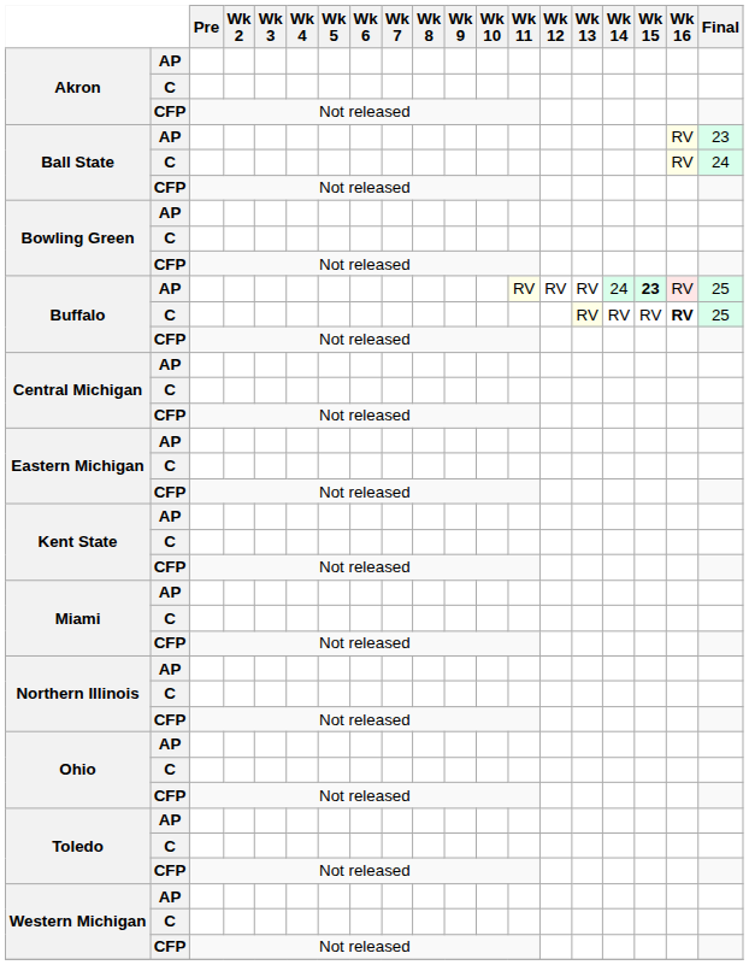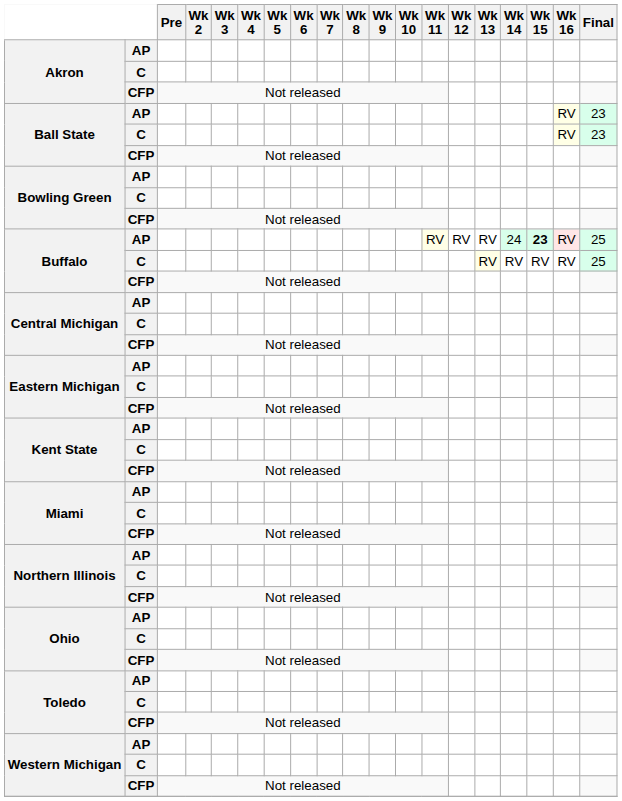 <table class="wikitable" style="white-space:nowrap;font-size:85%;">
 <tr>
 <th colspan=2 style="background:white; border-top-style:hidden; border-left-style:hidden;"> </th>
 <th>Pre</th>
 <th>Wk<br>2</th>
 <th>Wk<br>3</th>
 <th>Wk<br>4</th>
 <th>Wk<br>5</th>
 <th>Wk<br>6</th>
 <th>Wk<br>7</th>
 <th>Wk<br>8</th>
 <th>Wk<br>9</th>
 <th>Wk<br>10</th>
 <th>Wk<br>11</th>
 <th>Wk<br>12</th>
 <th>Wk<br>13</th>
 <th>Wk<br>14</th>
 <th>Wk<br>15</th>
 <th>Wk<br>16</th>
 <th>Final</th>
 </tr>
 <tr style="text-align:center;">
 <th rowspan="3">Akron</th>
 <th>AP</th>
 <td style="background:#FFF;"></td>
 <td style="background:#FFF;"></td>
 <td style="background:#FFF;"></td>
 <td style="background:#FFF;"></td>
 <td style="background:#FFF;"></td>
 <td style="background:#FFF;"></td>
 <td style="background:#FFF;"></td>
 <td style="background:#FFF;"></td>
 <td style="background:#FFF;"></td>
 <td style="background:#FFF;"></td>
 <td style="background:#FFF;"></td>
 <td style="background:#FFF;"></td>
 <td style="background:#FFF;"></td>
 <td style="background:#FFF;"></td>
 <td style="background:#FFF;"></td>
 <td style="background:#FFF;"></td>
 <td style="background:#FFF;"></td>
 </tr>
 <tr style="text-align:center;">
 <th>C</th>
 <td style="background:#FFF;"></td>
 <td style="background:#FFF;"></td>
 <td style="background:#FFF;"></td>
 <td style="background:#FFF;"></td>
 <td style="background:#FFF;"></td>
 <td style="background:#FFF;"></td>
 <td style="background:#FFF;"></td>
 <td style="background:#FFF;"></td>
 <td style="background:#FFF;"></td>
 <td style="background:#FFF;"></td>
 <td style="background:#FFF;"></td>
 <td style="background:#FFF;"></td>
 <td style="background:#FFF;"></td>
 <td style="background:#FFF;"></td>
 <td style="background:#FFF;"></td>
 <td style="background:#FFF;"></td>
 <td style="background:#FFF;"></td>
 </tr>
 <tr style="text-align:center;">
 <th>CFP</th>
 <td colspan="11" style="text-align:center;">Not released</td>
 <td style="background:#FFF;"></td>
 <td style="background:#FFF;"></td>
 <td style="background:#FFF;"></td>
 <td style="background:#FFF;"></td>
 <td style="background:#FFF;"></td>
 <td style="text-align:center;"></td>
 </tr>
 <tr style="text-align:center;">
 <th rowspan="3" style=>Ball State</th>
 <th>AP</th>
 <td style="background:#FFF;"></td>
 <td style="background:#FFF;"></td>
 <td style="background:#FFF;"></td>
 <td style="background:#FFF;"></td>
 <td style="background:#FFF;"></td>
 <td style="background:#FFF;"></td>
 <td style="background:#FFF;"></td>
 <td style="background:#FFF;"></td>
 <td style="background:#FFF;"></td>
 <td style="background:#FFF;"></td>
 <td style="background:#FFF;"></td>
 <td style="background:#FFF;"></td>
 <td style="background:#FFF;"></td>
 <td style="background:#FFF;"></td>
 <td style="background:#FFF;"></td>
 <td style="background:#ffffe6;">RV</td>
 <td style="background:#d8ffeb;">23</td>
 </tr>
 <tr style="text-align:center;">
 <th>C</th>
 <td style="background:#FFF;"></td>
 <td style="background:#FFF;"></td>
 <td style="background:#FFF;"></td>
 <td style="background:#FFF;"></td>
 <td style="background:#FFF;"></td>
 <td style="background:#FFF;"></td>
 <td style="background:#FFF;"></td>
 <td style="background:#FFF;"></td>
 <td style="background:#FFF;"></td>
 <td style="background:#FFF;"></td>
 <td style="background:#FFF;"></td>
 <td style="background:#FFF;"></td>
 <td style="background:#FFF;"></td>
 <td style="background:#FFF;"></td>
 <td style="background:#FFF;"></td>
 <td style="background:#ffffe6;">RV</td>
-<td style="background:#d8ffeb;">24</td>
+<td style="background:#d8ffeb;">23</td>
 </tr>
 <tr style="text-align:center;">
 <th>CFP</th>
 <td colspan="11" style="text-align:center;">Not released</td>
 <td style="background:#FFF;"></td>
 <td style="background:#FFF;"></td>
 <td style="background:#FFF;"></td>
 <td style="background:#FFF;"></td>
 <td style="background:#FFF;"></td>
 <td style="text-align:center;"></td>
 </tr>
 <tr style="text-align:center;">
 <th rowspan="3" style=>Bowling Green</th>
 <th>AP</th>
 <td style="background:#FFF;"></td>
 <td style="background:#FFF;"></td>
 <td style="background:#FFF;"></td>
 <td style="background:#FFF;"></td>
 <td style="background:#FFF;"></td>
 <td style="background:#FFF;"></td>
 <td style="background:#FFF;"></td>
 <td style="background:#FFF;"></td>
 <td style="background:#FFF;"></td>
 <td style="background:#FFF;"></td>
 <td style="background:#FFF;"></td>
 <td style="background:#FFF;"></td>
 <td style="background:#FFF;"></td>
 <td style="background:#FFF;"></td>
 <td style="background:#FFF;"></td>
 <td style="background:#FFF;"></td>
 <td style="background:#FFF;"></td>
 </tr>
 <tr style="text-align:center;">
 <th>C</th>
 <td style="background:#FFF;"></td>
 <td style="background:#FFF;"></td>
 <td style="background:#FFF;"></td>
 <td style="background:#FFF;"></td>
 <td style="background:#FFF;"></td>
 <td style="background:#FFF;"></td>
 <td style="background:#FFF;"></td>
 <td style="background:#FFF;"></td>
 <td style="background:#FFF;"></td>
 <td style="background:#FFF;"></td>
 <td style="background:#FFF;"></td>
 <td style="background:#FFF;"></td>
 <td style="background:#FFF;"></td>
 <td style="background:#FFF;"></td>
 <td style="background:#FFF;"></td>
 <td style="background:#FFF;"></td>
 <td style="background:#FFF;"></td>
 </tr>
 <tr style="text-align:center;">
 <th>CFP</th>
 <td colspan="11" style="text-align:center;">Not released</td>
 <td style="background:#FFF;"></td>
 <td style="background:#FFF;"></td>
 <td style="background:#FFF;"></td>
 <td style="background:#FFF;"></td>
 <td style="background:#FFF;"></td>
 <td style="text-align:center;"></td>
 </tr>
 <tr style="text-align:center;">
 <th rowspan="3" style=>Buffalo</th>
 <th>AP</th>
 <td style="background:#FFF;"></td>
 <td style="background:#FFF;"></td>
 <td style="background:#FFF;"></td>
 <td style="background:#FFF;"></td>
 <td style="background:#FFF;"></td>
 <td style="background:#FFF;"></td>
 <td style="background:#FFF;"></td>
 <td style="background:#FFF;"></td>
 <td style="background:#FFF;"></td>
 <td style="background:#FFF;"></td>
 <td style="background:#ffffe6;">RV</td>
 <td style="background:#FFF;">RV</td>
 <td style="background:#FFF;">RV</td>
 <td style="background:#d8ffeb;">24</td>
 <td style="background:#d8ffeb;"><strong>23</strong></td>
 <td style="background:#ffe6e6;">RV</td>
 <td style="background:#d8ffeb;">25</td>
 </tr>
 <tr style="text-align:center;">
 <th>C</th>
 <td style="background:#FFF;"></td>
 <td style="background:#FFF;"></td>
 <td style="background:#FFF;"></td>
 <td style="background:#FFF;"></td>
 <td style="background:#FFF;"></td>
 <td style="background:#FFF;"></td>
 <td style="background:#FFF;"></td>
 <td style="background:#FFF;"></td>
 <td style="background:#FFF;"></td>
 <td style="background:#FFF;"></td>
 <td style="background:#FFF;"></td>
 <td style="background:#FFF;"></td>
 <td style="background:#ffffe6;">RV</td>
 <td style="background:#FFF;">RV</td>
 <td style="background:#FFF;">RV</td>
-<td style="background:#FFF;"><strong>RV</strong></td>
+<td style="background:#FFF;">RV</td>
 <td style="background:#d8ffeb;">25</td>
 </tr>
 <tr style="text-align:center;">
 <th>CFP</th>
 <td colspan="11" style="text-align:center;">Not released</td>
 <td style="background:#FFF;"></td>
 <td style="background:#FFF;"></td>
 <td style="background:#FFF;"></td>
 <td style="background:#FFF;"></td>
 <td style="background:#FFF;"></td>
 <td style="text-align:center;"></td>
 </tr>
 <tr style="text-align:center;">
 <th rowspan="3" style=>Central Michigan</th>
 <th>AP</th>
 <td style="background:#FFF;"></td>
 <td style="background:#FFF;"></td>
 <td style="background:#FFF;"></td>
 <td style="background:#FFF;"></td>
 <td style="background:#FFF;"></td>
 <td style="background:#FFF;"></td>
 <td style="background:#FFF;"></td>
 <td style="background:#FFF;"></td>
 <td style="background:#FFF;"></td>
 <td style="background:#FFF;"></td>
 <td style="background:#FFF;"></td>
 <td style="background:#FFF;"></td>
 <td style="background:#FFF;"></td>
 <td style="background:#FFF;"></td>
 <td style="background:#FFF;"></td>
 <td style="background:#FFF;"></td>
 <td style="background:#FFF;"></td>
 </tr>
 <tr style="text-align:center;">
 <th>C</th>
 <td style="background:#FFF;"></td>
 <td style="background:#FFF;"></td>
 <td style="background:#FFF;"></td>
 <td style="background:#FFF;"></td>
 <td style="background:#FFF;"></td>
 <td style="background:#FFF;"></td>
 <td style="background:#FFF;"></td>
 <td style="background:#FFF;"></td>
 <td style="background:#FFF;"></td>
 <td style="background:#FFF;"></td>
 <td style="background:#FFF;"></td>
 <td style="background:#FFF;"></td>
 <td style="background:#FFF;"></td>
 <td style="background:#FFF;"></td>
 <td style="background:#FFF;"></td>
 <td style="background:#FFF;"></td>
 <td style="background:#FFF;"></td>
 </tr>
 <tr style="text-align:center;">
 <th>CFP</th>
 <td colspan="11" style="text-align:center;">Not released</td>
 <td style="background:#FFF;"></td>
 <td style="background:#FFF;"></td>
 <td style="background:#FFF;"></td>
 <td style="background:#FFF;"></td>
 <td style="background:#FFF;"></td>
 <td style="text-align:center;"></td>
 </tr>
 <tr style="text-align:center;">
 <th rowspan="3" style=>Eastern Michigan</th>
 <th>AP</th>
 <td style="background:#FFF;"></td>
 <td style="background:#FFF;"></td>
 <td style="background:#FFF;"></td>
 <td style="background:#FFF;"></td>
 <td style="background:#FFF;"></td>
 <td style="background:#FFF;"></td>
 <td style="background:#FFF;"></td>
 <td style="background:#FFF;"></td>
 <td style="background:#FFF;"></td>
 <td style="background:#FFF;"></td>
 <td style="background:#FFF;"></td>
 <td style="background:#FFF;"></td>
 <td style="background:#FFF;"></td>
 <td style="background:#FFF;"></td>
 <td style="background:#FFF;"></td>
 <td style="background:#FFF;"></td>
 <td style="background:#FFF;"></td>
 </tr>
 <tr style="text-align:center;">
 <th>C</th>
 <td style="background:#FFF;"></td>
 <td style="background:#FFF;"></td>
 <td style="background:#FFF;"></td>
 <td style="background:#FFF;"></td>
 <td style="background:#FFF;"></td>
 <td style="background:#FFF;"></td>
 <td style="background:#FFF;"></td>
 <td style="background:#FFF;"></td>
 <td style="background:#FFF;"></td>
 <td style="background:#FFF;"></td>
 <td style="background:#FFF;"></td>
 <td style="background:#FFF;"></td>
 <td style="background:#FFF;"></td>
 <td style="background:#FFF;"></td>
 <td style="background:#FFF;"></td>
 <td style="background:#FFF;"></td>
 <td style="background:#FFF;"></td>
 </tr>
 <tr style="text-align:center;">
 <th>CFP</th>
 <td colspan="11" style="text-align:center;">Not released</td>
 <td style="background:#FFF;"></td>
 <td style="background:#FFF;"></td>
 <td style="background:#FFF;"></td>
 <td style="background:#FFF;"></td>
 <td style="background:#FFF;"></td>
 <td style="text-align:center;"></td>
 </tr>
 <tr style="text-align:center;">
 <th rowspan="3" style=>Kent State</th>
 <th>AP</th>
 <td style="background:#FFF;"></td>
 <td style="background:#FFF;"></td>
 <td style="background:#FFF;"></td>
 <td style="background:#FFF;"></td>
 <td style="background:#FFF;"></td>
 <td style="background:#FFF;"></td>
 <td style="background:#FFF;"></td>
 <td style="background:#FFF;"></td>
 <td style="background:#FFF;"></td>
 <td style="background:#FFF;"></td>
 <td style="background:#FFF;"></td>
 <td style="background:#FFF;"></td>
 <td style="background:#FFF;"></td>
 <td style="background:#FFF;"></td>
 <td style="background:#FFF;"></td>
 <td style="background:#FFF;"></td>
 <td style="background:#FFF;"></td>
 </tr>
 <tr style="text-align:center;">
 <th>C</th>
 <td style="background:#FFF;"></td>
 <td style="background:#FFF;"></td>
 <td style="background:#FFF;"></td>
 <td style="background:#FFF;"></td>
 <td style="background:#FFF;"></td>
 <td style="background:#FFF;"></td>
 <td style="background:#FFF;"></td>
 <td style="background:#FFF;"></td>
 <td style="background:#FFF;"></td>
 <td style="background:#FFF;"></td>
 <td style="background:#FFF;"></td>
 <td style="background:#FFF;"></td>
 <td style="background:#FFF;"></td>
 <td style="background:#FFF;"></td>
 <td style="background:#FFF;"></td>
 <td style="background:#FFF;"></td>
 <td style="background:#FFF;"></td>
 </tr>
 <tr style="text-align:center;">
 <th>CFP</th>
 <td colspan="11" style="text-align:center;">Not released</td>
 <td style="background:#FFF;"></td>
 <td style="background:#FFF;"></td>
 <td style="background:#FFF;"></td>
 <td style="background:#FFF;"></td>
 <td style="background:#FFF;"></td>
 <td style="text-align:center;"></td>
 </tr>
 <tr style="text-align:center;">
 <th rowspan="3" style=>Miami</th>
 <th>AP</th>
 <td style="background:#FFF;"></td>
 <td style="background:#FFF;"></td>
 <td style="background:#FFF;"></td>
 <td style="background:#FFF;"></td>
 <td style="background:#FFF;"></td>
 <td style="background:#FFF;"></td>
 <td style="background:#FFF;"></td>
 <td style="background:#FFF;"></td>
 <td style="background:#FFF;"></td>
 <td style="background:#FFF;"></td>
 <td style="background:#FFF;"></td>
 <td style="background:#FFF;"></td>
 <td style="background:#FFF;"></td>
 <td style="background:#FFF;"></td>
 <td style="background:#FFF;"></td>
 <td style="background:#FFF;"></td>
 <td style="background:#FFF;"></td>
 </tr>
 <tr style="text-align:center;">
 <th>C</th>
 <td style="background:#FFF;"></td>
 <td style="background:#FFF;"></td>
 <td style="background:#FFF;"></td>
 <td style="background:#FFF;"></td>
 <td style="background:#FFF;"></td>
 <td style="background:#FFF;"></td>
 <td style="background:#FFF;"></td>
 <td style="background:#FFF;"></td>
 <td style="background:#FFF;"></td>
 <td style="background:#FFF;"></td>
 <td style="background:#FFF;"></td>
 <td style="background:#FFF;"></td>
 <td style="background:#FFF;"></td>
 <td style="background:#FFF;"></td>
 <td style="background:#FFF;"></td>
 <td style="background:#FFF;"></td>
 <td style="background:#FFF;"></td>
 </tr>
 <tr style="text-align:center;">
 <th>CFP</th>
 <td colspan="11" style="text-align:center;">Not released</td>
 <td style="background:#FFF;"></td>
 <td style="background:#FFF;"></td>
 <td style="background:#FFF;"></td>
 <td style="background:#FFF;"></td>
 <td style="background:#FFF;"></td>
 <td style="text-align:center;"></td>
 </tr>
 <tr style="text-align:center;">
 <th rowspan="3" style=>Northern Illinois</th>
 <th>AP</th>
 <td style="background:#FFF;"></td>
 <td style="background:#FFF;"></td>
 <td style="background:#FFF;"></td>
 <td style="background:#FFF;"></td>
 <td style="background:#FFF;"></td>
 <td style="background:#FFF;"></td>
 <td style="background:#FFF;"></td>
 <td style="background:#FFF;"></td>
 <td style="background:#FFF;"></td>
 <td style="background:#FFF;"></td>
 <td style="background:#FFF;"></td>
 <td style="background:#FFF;"></td>
 <td style="background:#FFF;"></td>
 <td style="background:#FFF;"></td>
 <td style="background:#FFF;"></td>
 <td style="background:#FFF;"></td>
 <td style="background:#FFF;"></td>
 </tr>
 <tr style="text-align:center;">
 <th>C</th>
 <td style="background:#FFF;"></td>
 <td style="background:#FFF;"></td>
 <td style="background:#FFF;"></td>
 <td style="background:#FFF;"></td>
 <td style="background:#FFF;"></td>
 <td style="background:#FFF;"></td>
 <td style="background:#FFF;"></td>
 <td style="background:#FFF;"></td>
 <td style="background:#FFF;"></td>
 <td style="background:#FFF;"></td>
 <td style="background:#FFF;"></td>
 <td style="background:#FFF;"></td>
 <td style="background:#FFF;"></td>
 <td style="background:#FFF;"></td>
 <td style="background:#FFF;"></td>
 <td style="background:#FFF;"></td>
 <td style="background:#FFF;"></td>
 </tr>
 <tr style="text-align:center;">
 <th>CFP</th>
 <td colspan="11" style="text-align:center;">Not released</td>
 <td style="background:#FFF;"></td>
 <td style="background:#FFF;"></td>
 <td style="background:#FFF;"></td>
 <td style="background:#FFF;"></td>
 <td style="background:#FFF;"></td>
 <td style="text-align:center;"></td>
 </tr>
 <tr style="text-align:center;">
 <th rowspan="3" style=>Ohio</th>
 <th>AP</th>
 <td style="background:#FFF;"></td>
 <td style="background:#FFF;"></td>
 <td style="background:#FFF;"></td>
 <td style="background:#FFF;"></td>
 <td style="background:#FFF;"></td>
 <td style="background:#FFF;"></td>
 <td style="background:#FFF;"></td>
 <td style="background:#FFF;"></td>
 <td style="background:#FFF;"></td>
 <td style="background:#FFF;"></td>
 <td style="background:#FFF;"></td>
 <td style="background:#FFF;"></td>
 <td style="background:#FFF;"></td>
 <td style="background:#FFF;"></td>
 <td style="background:#FFF;"></td>
 <td style="background:#FFF;"></td>
 <td style="background:#FFF;"></td>
 </tr>
 <tr style="text-align:center;">
 <th>C</th>
 <td style="background:#FFF;"></td>
 <td style="background:#FFF;"></td>
 <td style="background:#FFF;"></td>
 <td style="background:#FFF;"></td>
 <td style="background:#FFF;"></td>
 <td style="background:#FFF;"></td>
 <td style="background:#FFF;"></td>
 <td style="background:#FFF;"></td>
 <td style="background:#FFF;"></td>
 <td style="background:#FFF;"></td>
 <td style="background:#FFF;"></td>
 <td style="background:#FFF;"></td>
 <td style="background:#FFF;"></td>
 <td style="background:#FFF;"></td>
 <td style="background:#FFF;"></td>
 <td style="background:#FFF;"></td>
 <td style="background:#FFF;"></td>
 </tr>
 <tr style="text-align:center;">
 <th>CFP</th>
 <td colspan="11" style="text-align:center;">Not released</td>
 <td style="background:#FFF;"></td>
 <td style="background:#FFF;"></td>
 <td style="background:#FFF;"></td>
 <td style="background:#FFF;"></td>
 <td style="background:#FFF;"></td>
 <td style="text-align:center;"></td>
 </tr>
 <tr style="text-align:center;">
 <th rowspan="3" style=>Toledo</th>
 <th>AP</th>
 <td style="background:#FFF;"></td>
 <td style="background:#FFF;"></td>
 <td style="background:#FFF;"></td>
 <td style="background:#FFF;"></td>
 <td style="background:#FFF;"></td>
 <td style="background:#FFF;"></td>
 <td style="background:#FFF;"></td>
 <td style="background:#FFF;"></td>
 <td style="background:#FFF;"></td>
 <td style="background:#FFF;"></td>
 <td style="background:#FFF;"></td>
 <td style="background:#FFF;"></td>
 <td style="background:#FFF;"></td>
 <td style="background:#FFF;"></td>
 <td style="background:#FFF;"></td>
 <td style="background:#FFF;"></td>
 <td style="background:#FFF;"></td>
 </tr>
 <tr style="text-align:center;">
 <th>C</th>
 <td style="background:#FFF;"></td>
 <td style="background:#FFF;"></td>
 <td style="background:#FFF;"></td>
 <td style="background:#FFF;"></td>
 <td style="background:#FFF;"></td>
 <td style="background:#FFF;"></td>
 <td style="background:#FFF;"></td>
 <td style="background:#FFF;"></td>
 <td style="background:#FFF;"></td>
 <td style="background:#FFF;"></td>
 <td style="background:#FFF;"></td>
 <td style="background:#FFF;"></td>
 <td style="background:#FFF;"></td>
 <td style="background:#FFF;"></td>
 <td style="background:#FFF;"></td>
 <td style="background:#FFF;"></td>
 <td style="background:#FFF;"></td>
 </tr>
 <tr style="text-align:center;">
 <th>CFP</th>
 <td colspan="11" style="text-align:center;">Not released</td>
 <td style="background:#FFF;"></td>
 <td style="background:#FFF;"></td>
 <td style="background:#FFF;"></td>
 <td style="background:#FFF;"></td>
 <td style="background:#FFF;"></td>
 <td style="text-align:center;"></td>
 </tr>
 <tr style="text-align:center;">
 <th rowspan="3" style=>Western Michigan</th>
 <th>AP</th>
 <td style="background:#FFF;"></td>
 <td style="background:#FFF;"></td>
 <td style="background:#FFF;"></td>
 <td style="background:#FFF;"></td>
 <td style="background:#FFF;"></td>
 <td style="background:#FFF;"></td>
 <td style="background:#FFF;"></td>
 <td style="background:#FFF;"></td>
 <td style="background:#FFF;"></td>
 <td style="background:#FFF;"></td>
 <td style="background:#FFF;"></td>
 <td style="background:#FFF;"></td>
 <td style="background:#FFF;"></td>
 <td style="background:#FFF;"></td>
 <td style="background:#FFF;"></td>
 <td style="background:#FFF;"></td>
 <td style="background:#FFF;"></td>
 </tr>
 <tr style="text-align:center;">
 <th>C</th>
 <td style="background:#FFF;"></td>
 <td style="background:#FFF;"></td>
 <td style="background:#FFF;"></td>
 <td style="background:#FFF;"></td>
 <td style="background:#FFF;"></td>
 <td style="background:#FFF;"></td>
 <td style="background:#FFF;"></td>
 <td style="background:#FFF;"></td>
 <td style="background:#FFF;"></td>
 <td style="background:#FFF;"></td>
 <td style="background:#FFF;"></td>
 <td style="background:#FFF;"></td>
 <td style="background:#FFF;"></td>
 <td style="background:#FFF;"></td>
 <td style="background:#FFF;"></td>
 <td style="background:#FFF;"></td>
 <td style="background:#FFF;"></td>
 </tr>
 <tr style="text-align:center;">
 <th>CFP</th>
 <td colspan="11" style="text-align:center;">Not released</td>
 <td style="background:#FFF;"></td>
 <td style="background:#FFF;"></td>
 <td style="background:#FFF;"></td>
 <td style="background:#FFF;"></td>
 <td style="background:#FFF;"></td>
 <td style="text-align:center;"></td>
 </tr>
 <tr>
 </tr>
 </table>
